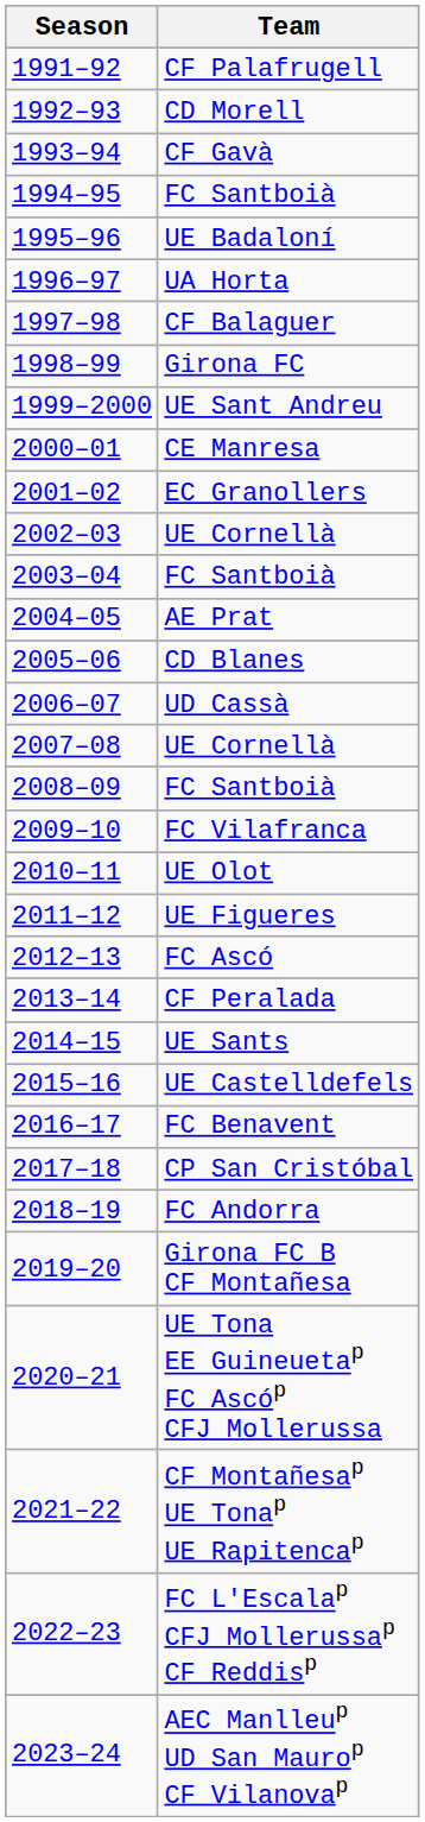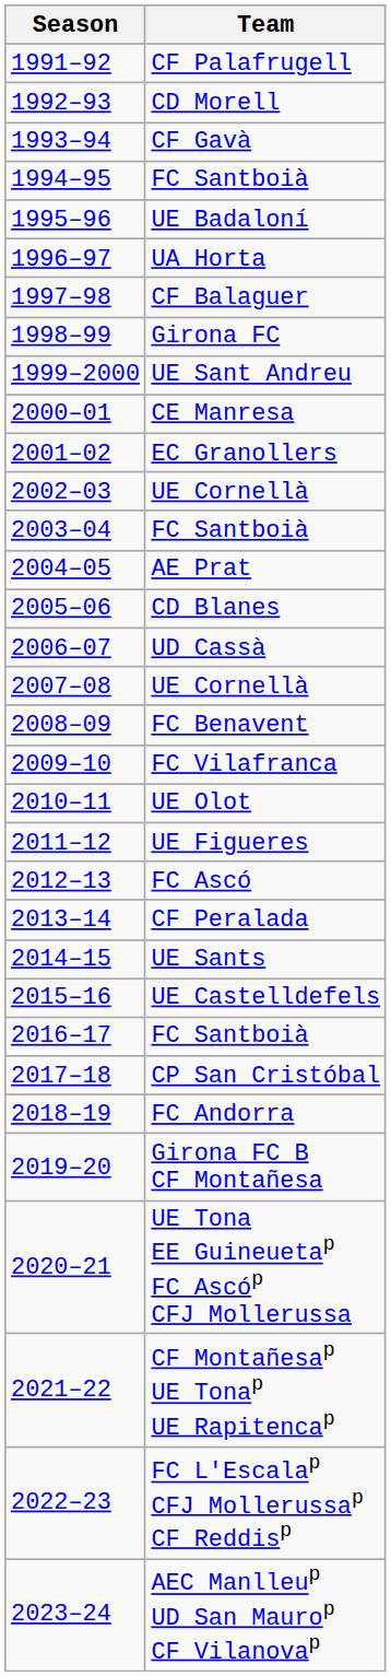 <table class="wikitable" style="text-align: left">
 <tr>
 <th>Season</th>
 <th>Team</th>
 </tr>
 <tr>
 <td><a href='#'>1991–92</a></td>
 <td><a href='#'>CF Palafrugell</a></td>
 </tr>
 <tr>
 <td><a href='#'>1992–93</a></td>
 <td><a href='#'>CD Morell</a></td>
 </tr>
 <tr>
 <td><a href='#'>1993–94</a></td>
 <td><a href='#'>CF Gavà</a></td>
 </tr>
 <tr>
 <td><a href='#'>1994–95</a></td>
 <td><a href='#'>FC Santboià</a></td>
 </tr>
 <tr>
 <td><a href='#'>1995–96</a></td>
 <td><a href='#'>UE Badaloní</a></td>
 </tr>
 <tr>
 <td><a href='#'>1996–97</a></td>
 <td><a href='#'>UA Horta</a></td>
 </tr>
 <tr>
 <td><a href='#'>1997–98</a></td>
 <td><a href='#'>CF Balaguer</a></td>
 </tr>
 <tr>
 <td><a href='#'>1998–99</a></td>
 <td><a href='#'>Girona FC</a></td>
 </tr>
 <tr>
 <td><a href='#'>1999–2000</a></td>
 <td><a href='#'>UE Sant Andreu</a></td>
 </tr>
 <tr>
 <td><a href='#'>2000–01</a></td>
 <td><a href='#'>CE Manresa</a></td>
 </tr>
 <tr>
 <td><a href='#'>2001–02</a></td>
 <td><a href='#'>EC Granollers</a></td>
 </tr>
 <tr>
 <td><a href='#'>2002–03</a></td>
 <td><a href='#'>UE Cornellà</a></td>
 </tr>
 <tr>
 <td><a href='#'>2003–04</a></td>
 <td><a href='#'>FC Santboià</a></td>
 </tr>
 <tr>
 <td><a href='#'>2004–05</a></td>
 <td><a href='#'>AE Prat</a></td>
 </tr>
 <tr>
 <td><a href='#'>2005–06</a></td>
 <td><a href='#'>CD Blanes</a></td>
 </tr>
 <tr>
 <td><a href='#'>2006–07</a></td>
 <td><a href='#'>UD Cassà</a></td>
 </tr>
 <tr>
 <td><a href='#'>2007–08</a></td>
 <td><a href='#'>UE Cornellà</a></td>
 </tr>
 <tr>
 <td><a href='#'>2008–09</a></td>
-<td><a href='#'>FC Santboià</a></td>
+<td><a href='#'>FC Benavent</a></td>
 </tr>
 <tr>
 <td><a href='#'>2009–10</a></td>
 <td><a href='#'>FC Vilafranca</a></td>
 </tr>
 <tr>
 <td><a href='#'>2010–11</a></td>
 <td><a href='#'>UE Olot</a></td>
 </tr>
 <tr>
 <td><a href='#'>2011–12</a></td>
 <td><a href='#'>UE Figueres</a></td>
 </tr>
 <tr>
 <td><a href='#'>2012–13</a></td>
 <td><a href='#'>FC Ascó</a></td>
 </tr>
 <tr>
 <td><a href='#'>2013–14</a></td>
 <td><a href='#'>CF Peralada</a></td>
 </tr>
 <tr>
 <td><a href='#'>2014–15</a></td>
 <td><a href='#'>UE Sants</a></td>
 </tr>
 <tr>
 <td><a href='#'>2015–16</a></td>
 <td><a href='#'>UE Castelldefels</a></td>
 </tr>
 <tr>
 <td><a href='#'>2016–17</a></td>
-<td><a href='#'>FC Benavent</a></td>
+<td><a href='#'>FC Santboià</a></td>
 </tr>
 <tr>
 <td><a href='#'>2017–18</a></td>
 <td><a href='#'>CP San Cristóbal</a></td>
 </tr>
 <tr>
 <td><a href='#'>2018–19</a></td>
 <td><a href='#'>FC Andorra</a></td>
 </tr>
 <tr>
 <td><a href='#'>2019–20</a></td>
 <td><a href='#'>Girona FC B</a> <br><a href='#'>CF Montañesa</a> </td>
 </tr>
 <tr>
 <td><a href='#'>2020–21</a></td>
 <td><a href='#'>UE Tona</a> <br><a href='#'>EE Guineueta</a><sup>p</sup> <br><a href='#'>FC Ascó</a><sup>p</sup> <br><a href='#'>CFJ Mollerussa</a> </td>
 </tr>
 <tr>
 <td><a href='#'>2021–22</a></td>
 <td><a href='#'>CF Montañesa</a><sup>p</sup> <br><a href='#'>UE Tona</a><sup>p</sup> <br><a href='#'>UE Rapitenca</a><sup>p</sup> </td>
 </tr>
 <tr>
 <td><a href='#'>2022–23</a></td>
 <td><a href='#'>FC L'Escala</a><sup>p</sup> <br><a href='#'>CFJ Mollerussa</a><sup>p</sup> <br><a href='#'>CF Reddis</a><sup>p</sup> </td>
 </tr>
 <tr>
 <td><a href='#'>2023–24</a></td>
 <td><a href='#'>AEC Manlleu</a><sup>p</sup> <br><a href='#'>UD San Mauro</a><sup>p</sup> <br><a href='#'>CF Vilanova</a><sup>p</sup> </td>
 </tr>
 </table>
